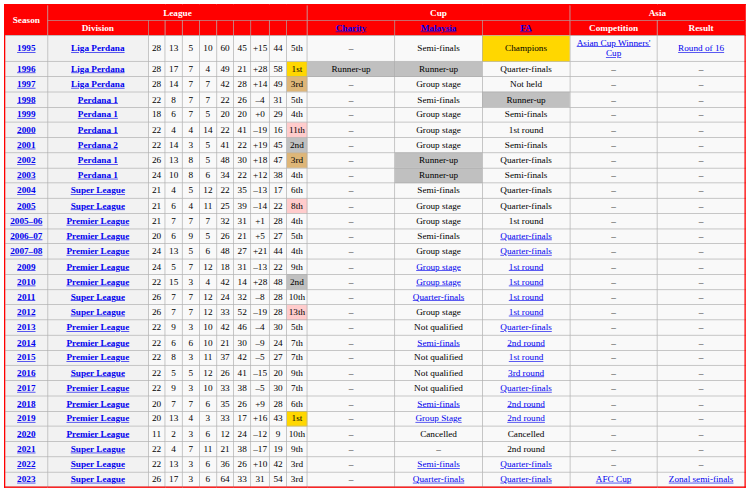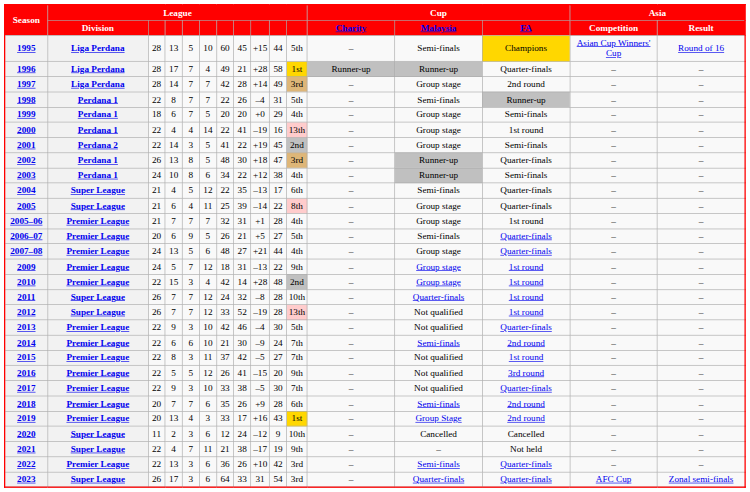 <table class="wikitable" style="border:2px solid red; font-size:90%; text-align:center;">
 <tr>
 <th rowspan="2" style="background:red; color:white;" width="60">Season</th>
 <th colspan="10" style="background:red; color:white;">League</th>
 <th colspan="3" style="background:red; color:white;">Cup</th>
 <th colspan="2" style="background:red; color:white;">Asia</th>
 </tr>
 <tr>
 <th style="background:red; color:white;" width="150">Division</th>
 <th style="background:red; color:white;" width="20"></th>
 <th style="background:red; color:white;" width="20"></th>
 <th style="background:red; color:white;" width="20"></th>
 <th style="background:red; color:white;" width="20"></th>
 <th style="background:red; color:white;" width="20"></th>
 <th style="background:red; color:white;" width="20"></th>
 <th style="background:red; color:white;" width="20"></th>
 <th style="background:red; color:white;" width="20"></th>
 <th style="background:red; color:white;" width="20"></th>
 <th style="background:red; color:white;" width="130"><a href='#'>Charity</a></th>
 <th style="background:red; color:white;" width="130"><a href='#'>Malaysia</a></th>
 <th style="background:red; color:white;" width="130"><a href='#'>FA</a></th>
 <th style="background:red; color:white;" width="130">Competition</th>
 <th style="background:red; color:white;" width="130">Result</th>
 </tr>
 <tr>
 <th><a href='#'>1995</a></th>
 <th><a href='#'>Liga Perdana</a></th>
 <td>28</td>
 <td>13</td>
 <td>5</td>
 <td>10</td>
 <td>60</td>
 <td>45</td>
 <td align=center>+15</td>
 <td>44</td>
 <td>5th</td>
 <td>–</td>
 <td>Semi-finals</td>
 <td style="background:gold;">Champions</td>
 <td><a href='#'>Asian Cup Winners' Cup</a></td>
 <td><a href='#'>Round of 16</a></td>
 </tr>
 <tr>
 <th><a href='#'>1996</a></th>
 <th><a href='#'>Liga Perdana</a></th>
 <td>28</td>
 <td>17</td>
 <td>7</td>
 <td>4</td>
 <td>49</td>
 <td>21</td>
 <td align=center>+28</td>
 <td>58</td>
 <td style="background:gold;">1st</td>
 <td style="background:silver;">Runner-up</td>
 <td style="background:silver;">Runner-up</td>
 <td>Quarter-finals</td>
 <td>–</td>
 <td>–</td>
 </tr>
 <tr>
 <th><a href='#'>1997</a></th>
 <th><a href='#'>Liga Perdana</a></th>
 <td>28</td>
 <td>14</td>
 <td>7</td>
 <td>7</td>
 <td>42</td>
 <td>28</td>
 <td align=center>+14</td>
 <td>49</td>
 <td style="background:#deb678;">3rd</td>
 <td>–</td>
 <td>Group stage</td>
-<td>Not held</td>
+<td>2nd round</td>
 <td>–</td>
 <td>–</td>
 </tr>
 <tr>
 <th><a href='#'>1998</a></th>
 <th><a href='#'>Perdana 1</a></th>
 <td>22</td>
 <td>8</td>
 <td>7</td>
 <td>7</td>
 <td>22</td>
 <td>26</td>
 <td align=center>–4</td>
 <td>31</td>
 <td>5th</td>
 <td>–</td>
 <td>Semi-finals</td>
 <td style="background:silver;">Runner-up</td>
 <td>–</td>
 <td>–</td>
 </tr>
 <tr>
 <th><a href='#'>1999</a></th>
 <th><a href='#'>Perdana 1</a></th>
 <td>18</td>
 <td>6</td>
 <td>7</td>
 <td>5</td>
 <td>20</td>
 <td>20</td>
 <td align=center>+0</td>
 <td>29</td>
 <td>4th</td>
 <td>–</td>
 <td>Group stage</td>
 <td>Semi-finals</td>
 <td>–</td>
 <td>–</td>
 </tr>
 <tr>
 <th><a href='#'>2000</a></th>
 <th><a href='#'>Perdana 1</a></th>
 <td>22</td>
 <td>4</td>
 <td>4</td>
 <td>14</td>
 <td>22</td>
 <td>41</td>
 <td align=center>–19</td>
 <td>16</td>
-<td style="background:#FFCCCC;">11th</td>
+<td style="background:#FFCCCC;">13th</td>
 <td>–</td>
 <td>Group stage</td>
 <td>1st round</td>
 <td>–</td>
 <td>–</td>
 </tr>
 <tr>
 <th><a href='#'>2001</a></th>
 <th><a href='#'>Perdana 2</a></th>
 <td>22</td>
 <td>14</td>
 <td>3</td>
 <td>5</td>
 <td>41</td>
 <td>22</td>
 <td align=center>+19</td>
 <td>45</td>
 <td style="background:silver;">2nd</td>
 <td>–</td>
 <td>Group stage</td>
 <td>Semi-finals</td>
 <td>–</td>
 <td>–</td>
 </tr>
 <tr>
 <th><a href='#'>2002</a></th>
 <th><a href='#'>Perdana 1</a></th>
 <td>26</td>
 <td>13</td>
 <td>8</td>
 <td>5</td>
 <td>48</td>
 <td>30</td>
 <td align=center>+18</td>
 <td>47</td>
 <td style="background:#deb678;">3rd</td>
 <td>–</td>
 <td style="background:silver;">Runner-up</td>
 <td>Quarter-finals</td>
 <td>–</td>
 <td>–</td>
 </tr>
 <tr>
 <th><a href='#'>2003</a></th>
 <th><a href='#'>Perdana 1</a></th>
 <td>24</td>
 <td>10</td>
 <td>8</td>
 <td>6</td>
 <td>34</td>
 <td>22</td>
 <td align=center>+12</td>
 <td>38</td>
 <td>4th</td>
 <td>–</td>
 <td style="background:silver;">Runner-up</td>
 <td>Semi-finals</td>
 <td>–</td>
 <td>–</td>
 </tr>
 <tr>
 <th><a href='#'>2004</a></th>
 <th><a href='#'>Super League</a></th>
 <td>21</td>
 <td>4</td>
 <td>5</td>
 <td>12</td>
 <td>22</td>
 <td>35</td>
 <td align=center>–13</td>
 <td>17</td>
 <td>6th</td>
 <td>–</td>
 <td>Semi-finals</td>
 <td>Quarter-finals</td>
 <td>–</td>
 <td>–</td>
 </tr>
 <tr>
 <th><a href='#'>2005</a></th>
 <th><a href='#'>Super League</a></th>
 <td>21</td>
 <td>6</td>
 <td>4</td>
 <td>11</td>
 <td>25</td>
 <td>39</td>
 <td align=center>–14</td>
 <td>22</td>
 <td style="background:#FFCCCC;">8th</td>
 <td>–</td>
 <td>Group stage</td>
 <td>Quarter-finals</td>
 <td>–</td>
 <td>–</td>
 </tr>
 <tr>
 <th><a href='#'>2005–06</a></th>
 <th><a href='#'>Premier League</a></th>
 <td>21</td>
 <td>7</td>
 <td>7</td>
 <td>7</td>
 <td>32</td>
 <td>31</td>
 <td align=center>+1</td>
 <td>28</td>
 <td>4th</td>
 <td>–</td>
 <td>Group stage</td>
 <td>1st round</td>
 <td>–</td>
 <td>–</td>
 </tr>
 <tr>
 <th><a href='#'>2006–07</a></th>
 <th><a href='#'>Premier League</a></th>
 <td>20</td>
 <td>6</td>
 <td>9</td>
 <td>5</td>
 <td>26</td>
 <td>21</td>
 <td align=center>+5</td>
 <td>27</td>
 <td>5th</td>
 <td>–</td>
 <td>Semi-finals</td>
 <td><a href='#'>Quarter-finals</a></td>
 <td>–</td>
 <td>–</td>
 </tr>
 <tr>
 <th><a href='#'>2007–08</a></th>
 <th><a href='#'>Premier League</a></th>
 <td>24</td>
 <td>13</td>
 <td>5</td>
 <td>6</td>
 <td>48</td>
 <td>27</td>
 <td align=center>+21</td>
 <td>44</td>
 <td>4th</td>
 <td>–</td>
 <td>Group stage</td>
 <td><a href='#'>Quarter-finals</a></td>
 <td>–</td>
 <td>–</td>
 </tr>
 <tr>
 <th><a href='#'>2009</a></th>
 <th><a href='#'>Premier League</a></th>
 <td>24</td>
 <td>5</td>
 <td>7</td>
 <td>12</td>
 <td>18</td>
 <td>31</td>
 <td align=center>–13</td>
 <td>22</td>
 <td>9th</td>
 <td>–</td>
 <td><a href='#'>Group stage</a></td>
 <td><a href='#'>1st round</a></td>
 <td>–</td>
 <td>–</td>
 </tr>
 <tr>
 <th><a href='#'>2010</a></th>
 <th><a href='#'>Premier League</a></th>
 <td>22</td>
 <td>15</td>
 <td>3</td>
 <td>4</td>
 <td>42</td>
 <td>14</td>
 <td align=center>+28</td>
 <td>48</td>
 <td style="background:silver;">2nd</td>
 <td>–</td>
 <td><a href='#'>Group stage</a></td>
 <td><a href='#'>1st round</a></td>
 <td>–</td>
 <td>–</td>
 </tr>
 <tr>
 <th><a href='#'>2011</a></th>
 <th><a href='#'>Super League</a></th>
 <td>26</td>
 <td>7</td>
 <td>7</td>
 <td>12</td>
 <td>24</td>
 <td>32</td>
 <td align=center>–8</td>
 <td>28</td>
 <td>10th</td>
 <td>–</td>
 <td><a href='#'>Quarter-finals</a></td>
 <td><a href='#'>1st round</a></td>
 <td>–</td>
 <td>–</td>
 </tr>
 <tr>
 <th><a href='#'>2012</a></th>
 <th><a href='#'>Super League</a></th>
 <td>26</td>
 <td>7</td>
 <td>7</td>
 <td>12</td>
 <td>33</td>
 <td>52</td>
 <td align=center>–19</td>
 <td>28</td>
 <td style="background:#FFCCCC;">13th</td>
 <td>–</td>
-<td>Group stage</td>
+<td>Not qualified</td>
 <td><a href='#'>1st round</a></td>
 <td>–</td>
 <td>–</td>
 </tr>
 <tr>
 <th><a href='#'>2013</a></th>
 <th><a href='#'>Premier League</a></th>
 <td>22</td>
 <td>9</td>
 <td>3</td>
 <td>10</td>
 <td>42</td>
 <td>46</td>
 <td align=center>–4</td>
 <td>30</td>
 <td>5th</td>
 <td>–</td>
 <td>Not qualified</td>
 <td><a href='#'>Quarter-finals</a></td>
 <td>–</td>
 <td>–</td>
 </tr>
 <tr>
 <th><a href='#'>2014</a></th>
 <th><a href='#'>Premier League</a></th>
 <td>22</td>
 <td>6</td>
 <td>6</td>
 <td>10</td>
 <td>21</td>
 <td>30</td>
 <td align=center>–9</td>
 <td>24</td>
 <td>7th</td>
 <td>–</td>
 <td><a href='#'>Semi-finals</a></td>
 <td><a href='#'>2nd round</a></td>
 <td>–</td>
 <td>–</td>
 </tr>
 <tr>
 <th><a href='#'>2015</a></th>
 <th><a href='#'>Premier League</a></th>
 <td>22</td>
 <td>8</td>
 <td>3</td>
 <td>11</td>
 <td>37</td>
 <td>42</td>
 <td align=center>–5</td>
 <td>27</td>
 <td>7th</td>
 <td>–</td>
 <td>Not qualified</td>
 <td><a href='#'>1st round</a></td>
 <td>–</td>
 <td>–</td>
 </tr>
 <tr>
 <th><a href='#'>2016</a></th>
-<th><a href='#'>Super League</a></th>
+<th><a href='#'>Premier League</a></th>
 <td>22</td>
 <td>5</td>
 <td>5</td>
 <td>12</td>
 <td>26</td>
 <td>41</td>
 <td align=center>–15</td>
 <td>20</td>
 <td>9th</td>
 <td>–</td>
 <td>Not qualified</td>
 <td><a href='#'>3rd round</a></td>
 <td>–</td>
 <td>–</td>
 </tr>
 <tr>
 <th><a href='#'>2017</a></th>
 <th><a href='#'>Premier League</a></th>
 <td>22</td>
 <td>9</td>
 <td>3</td>
 <td>10</td>
 <td>33</td>
 <td>38</td>
 <td alig=center>–5</td>
 <td>30</td>
 <td>7th</td>
 <td>–</td>
 <td>Not qualified</td>
 <td><a href='#'>Quarter-finals</a></td>
 <td>–</td>
 <td>–</td>
 </tr>
 <tr>
 <th><a href='#'>2018</a></th>
 <th><a href='#'>Premier League</a></th>
 <td>20</td>
 <td>7</td>
 <td>7</td>
 <td>6</td>
 <td>35</td>
 <td>26</td>
 <td alig=center>+9</td>
 <td>28</td>
 <td>6th</td>
 <td>–</td>
 <td><a href='#'>Semi-finals</a></td>
 <td><a href='#'>2nd round</a></td>
 <td>–</td>
 <td>–</td>
 </tr>
 <tr>
 <th><a href='#'>2019</a></th>
 <th><a href='#'>Premier League</a></th>
 <td>20</td>
 <td>13</td>
 <td>4</td>
 <td>3</td>
 <td>33</td>
 <td>17</td>
 <td alig=center>+16</td>
 <td>43</td>
 <td style="background:gold;">1st</td>
 <td>–</td>
 <td><a href='#'>Group Stage</a></td>
 <td><a href='#'>2nd round</a></td>
 <td>–</td>
 <td>–</td>
 </tr>
 <tr>
 <th><a href='#'>2020</a></th>
-<th><a href='#'>Premier League</a></th>
+<th><a href='#'>Super League</a></th>
 <td>11</td>
 <td>2</td>
 <td>3</td>
 <td>6</td>
 <td>12</td>
 <td>24</td>
 <td>–12</td>
 <td>9</td>
 <td>10th</td>
 <td>–</td>
 <td>Cancelled</td>
 <td>Cancelled</td>
 <td>–</td>
 <td>–</td>
 </tr>
 <tr>
 <th><a href='#'>2021</a></th>
 <th><a href='#'>Super League</a></th>
 <td>22</td>
 <td>4</td>
 <td>7</td>
 <td>11</td>
 <td>21</td>
 <td>38</td>
 <td>–17</td>
 <td>19</td>
 <td>9th</td>
 <td>–</td>
 <td>–</td>
-<td>2nd round</td>
+<td>Not held</td>
 <td>–</td>
 <td>–</td>
 </tr>
 <tr>
 <th><a href='#'>2022</a></th>
-<th><a href='#'>Super League</a></th>
+<th><a href='#'>Premier League</a></th>
 <td>22</td>
 <td>13</td>
 <td>3</td>
 <td>6</td>
 <td>36</td>
 <td>26</td>
 <td>+10</td>
 <td>42</td>
 <td style=“background:bronze;”>3rd</td>
 <td>–</td>
 <td><a href='#'>Semi-finals</a></td>
 <td><a href='#'>Quarter-finals</a></td>
 <td>–</td>
 <td>–</td>
 </tr>
 <tr>
 <th><a href='#'>2023</a></th>
 <th><a href='#'>Super League</a></th>
 <td>26</td>
 <td>17</td>
 <td>3</td>
 <td>6</td>
 <td>64</td>
 <td>33</td>
 <td>31</td>
 <td>54</td>
 <td>3rd</td>
 <td>–</td>
 <td><a href='#'>Quarter-finals</a></td>
 <td><a href='#'>Quarter-finals</a></td>
 <td><a href='#'>AFC Cup</a></td>
 <td><a href='#'>Zonal semi-finals</a></td>
 </tr>
 <tr>
 </tr>
 </table>
